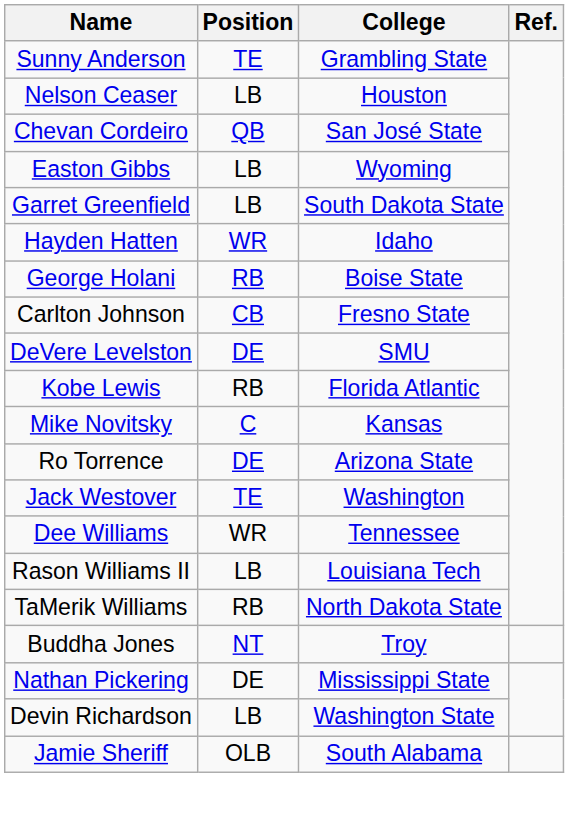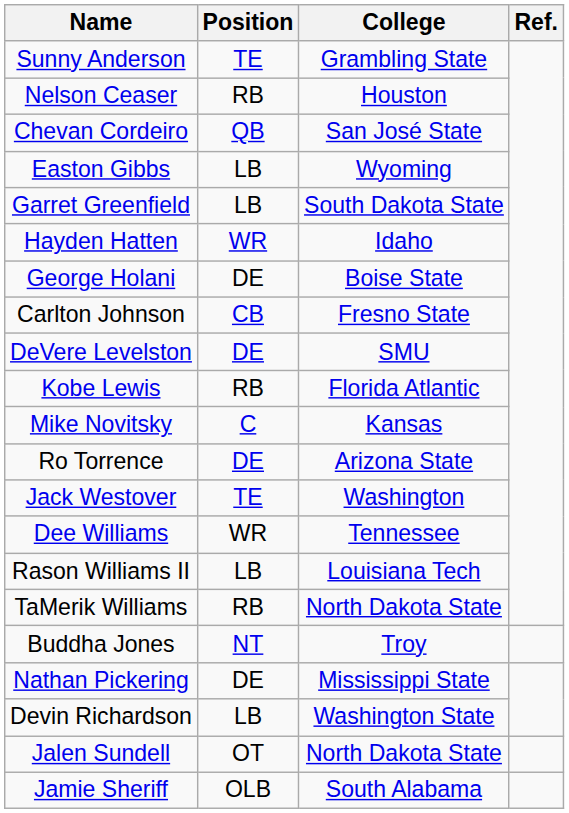 <table class="wikitable" style="text-align:center">
 <tr>
 <th>Name</th>
 <th>Position</th>
 <th>College</th>
 <th>Ref.</th>
 </tr>
 <tr>
 <td><a href='#'>Sunny Anderson</a></td>
 <td><a href='#'>TE</a></td>
 <td><a href='#'>Grambling State</a></td>
 <td rowspan="16"></td>
 </tr>
 <tr>
 <td><a href='#'>Nelson Ceaser</a></td>
-<td>LB</td>
+<td>RB</td>
 <td><a href='#'>Houston</a></td>
 </tr>
 <tr>
 <td><a href='#'>Chevan Cordeiro</a></td>
 <td><a href='#'>QB</a></td>
 <td><a href='#'>San José State</a></td>
 </tr>
 <tr>
 <td><a href='#'>Easton Gibbs</a></td>
 <td>LB</td>
 <td><a href='#'>Wyoming</a></td>
 </tr>
 <tr>
 <td><a href='#'>Garret Greenfield</a></td>
 <td>LB</td>
 <td><a href='#'>South Dakota State</a></td>
 </tr>
 <tr>
 <td><a href='#'>Hayden Hatten</a></td>
 <td><a href='#'>WR</a></td>
 <td><a href='#'>Idaho</a></td>
 </tr>
 <tr>
 <td><a href='#'>George Holani</a></td>
-<td><a href='#'>RB</a></td>
+<td>DE</td>
 <td><a href='#'>Boise State</a></td>
 </tr>
 <tr>
 <td>Carlton Johnson</td>
 <td><a href='#'>CB</a></td>
 <td><a href='#'>Fresno State</a></td>
 </tr>
 <tr>
 <td><a href='#'>DeVere Levelston</a></td>
 <td><a href='#'>DE</a></td>
 <td><a href='#'>SMU</a></td>
 </tr>
 <tr>
 <td><a href='#'>Kobe Lewis</a></td>
 <td>RB</td>
 <td><a href='#'>Florida Atlantic</a></td>
 </tr>
 <tr>
 <td><a href='#'>Mike Novitsky</a></td>
 <td><a href='#'>C</a></td>
 <td><a href='#'>Kansas</a></td>
 </tr>
 <tr>
 <td>Ro Torrence</td>
 <td><a href='#'>DE</a></td>
 <td><a href='#'>Arizona State</a></td>
 </tr>
 <tr>
 <td><a href='#'>Jack Westover</a></td>
 <td><a href='#'>TE</a></td>
 <td><a href='#'>Washington</a></td>
 </tr>
 <tr>
 <td><a href='#'>Dee Williams</a></td>
 <td>WR</td>
 <td><a href='#'>Tennessee</a></td>
 </tr>
 <tr>
 <td>Rason Williams II</td>
 <td>LB</td>
 <td><a href='#'>Louisiana Tech</a></td>
 </tr>
 <tr>
 <td>TaMerik Williams</td>
 <td>RB</td>
 <td><a href='#'>North Dakota State</a></td>
 </tr>
 <tr>
 <td>Buddha Jones</td>
 <td><a href='#'>NT</a></td>
 <td><a href='#'>Troy</a></td>
 <td></td>
 </tr>
 <tr>
 <td><a href='#'>Nathan Pickering</a></td>
 <td>DE</td>
 <td><a href='#'>Mississippi State</a></td>
 <td rowspan="2"></td>
 </tr>
 <tr>
 <td>Devin Richardson</td>
 <td>LB</td>
 <td><a href='#'>Washington State</a></td>
 </tr>
 <tr>
+<td><a href='#'>Jalen Sundell</a></td>
+<td>OT</td>
+<td><a href='#'>North Dakota State</a></td>
+<td></td>
+</tr>
+<tr>
 <td><a href='#'>Jamie Sheriff</a></td>
 <td>OLB</td>
 <td><a href='#'>South Alabama</a></td>
 <td></td>
 </tr>
 </table>
